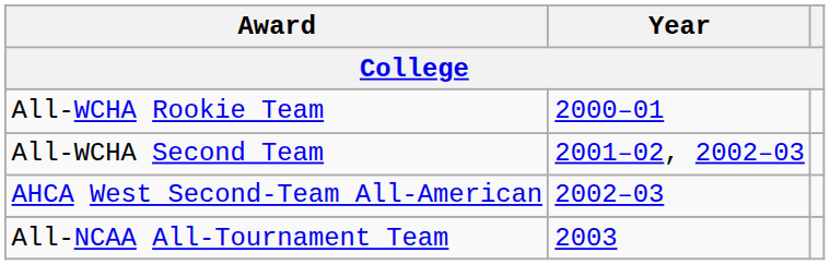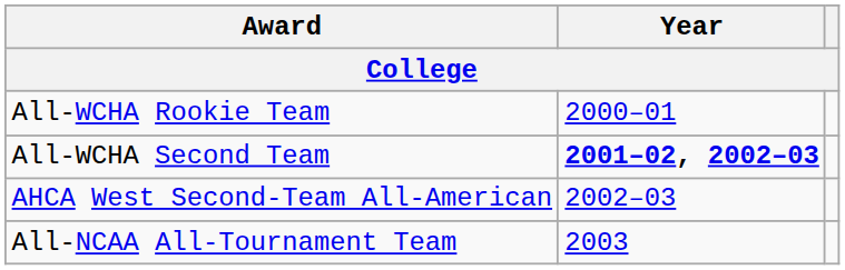 <table class="wikitable">
 <tr>
 <th>Award</th>
 <th>Year</th>
 <th></th>
 </tr>
 <tr>
 <th colspan="3"><a href='#'>College</a></th>
 </tr>
 <tr>
 <td>All-<a href='#'>WCHA</a> <a href='#'>Rookie Team</a></td>
 <td><a href='#'>2000–01</a></td>
 <td></td>
 </tr>
 <tr>
 <td>All-WCHA <a href='#'>Second Team</a></td>
-<td><a href='#'>2001–02</a>, <a href='#'>2002–03</a></td>
+<td><strong><a href='#'>2001–02</a>, <a href='#'>2002–03</a></strong></td>
 <td></td>
 </tr>
 <tr>
 <td><a href='#'>AHCA</a> <a href='#'>West Second-Team All-American</a></td>
 <td><a href='#'>2002–03</a></td>
 <td></td>
 </tr>
 <tr>
 <td>All-<a href='#'>NCAA</a> <a href='#'>All-Tournament Team</a></td>
 <td><a href='#'>2003</a></td>
 <td></td>
 </tr>
 </table>
